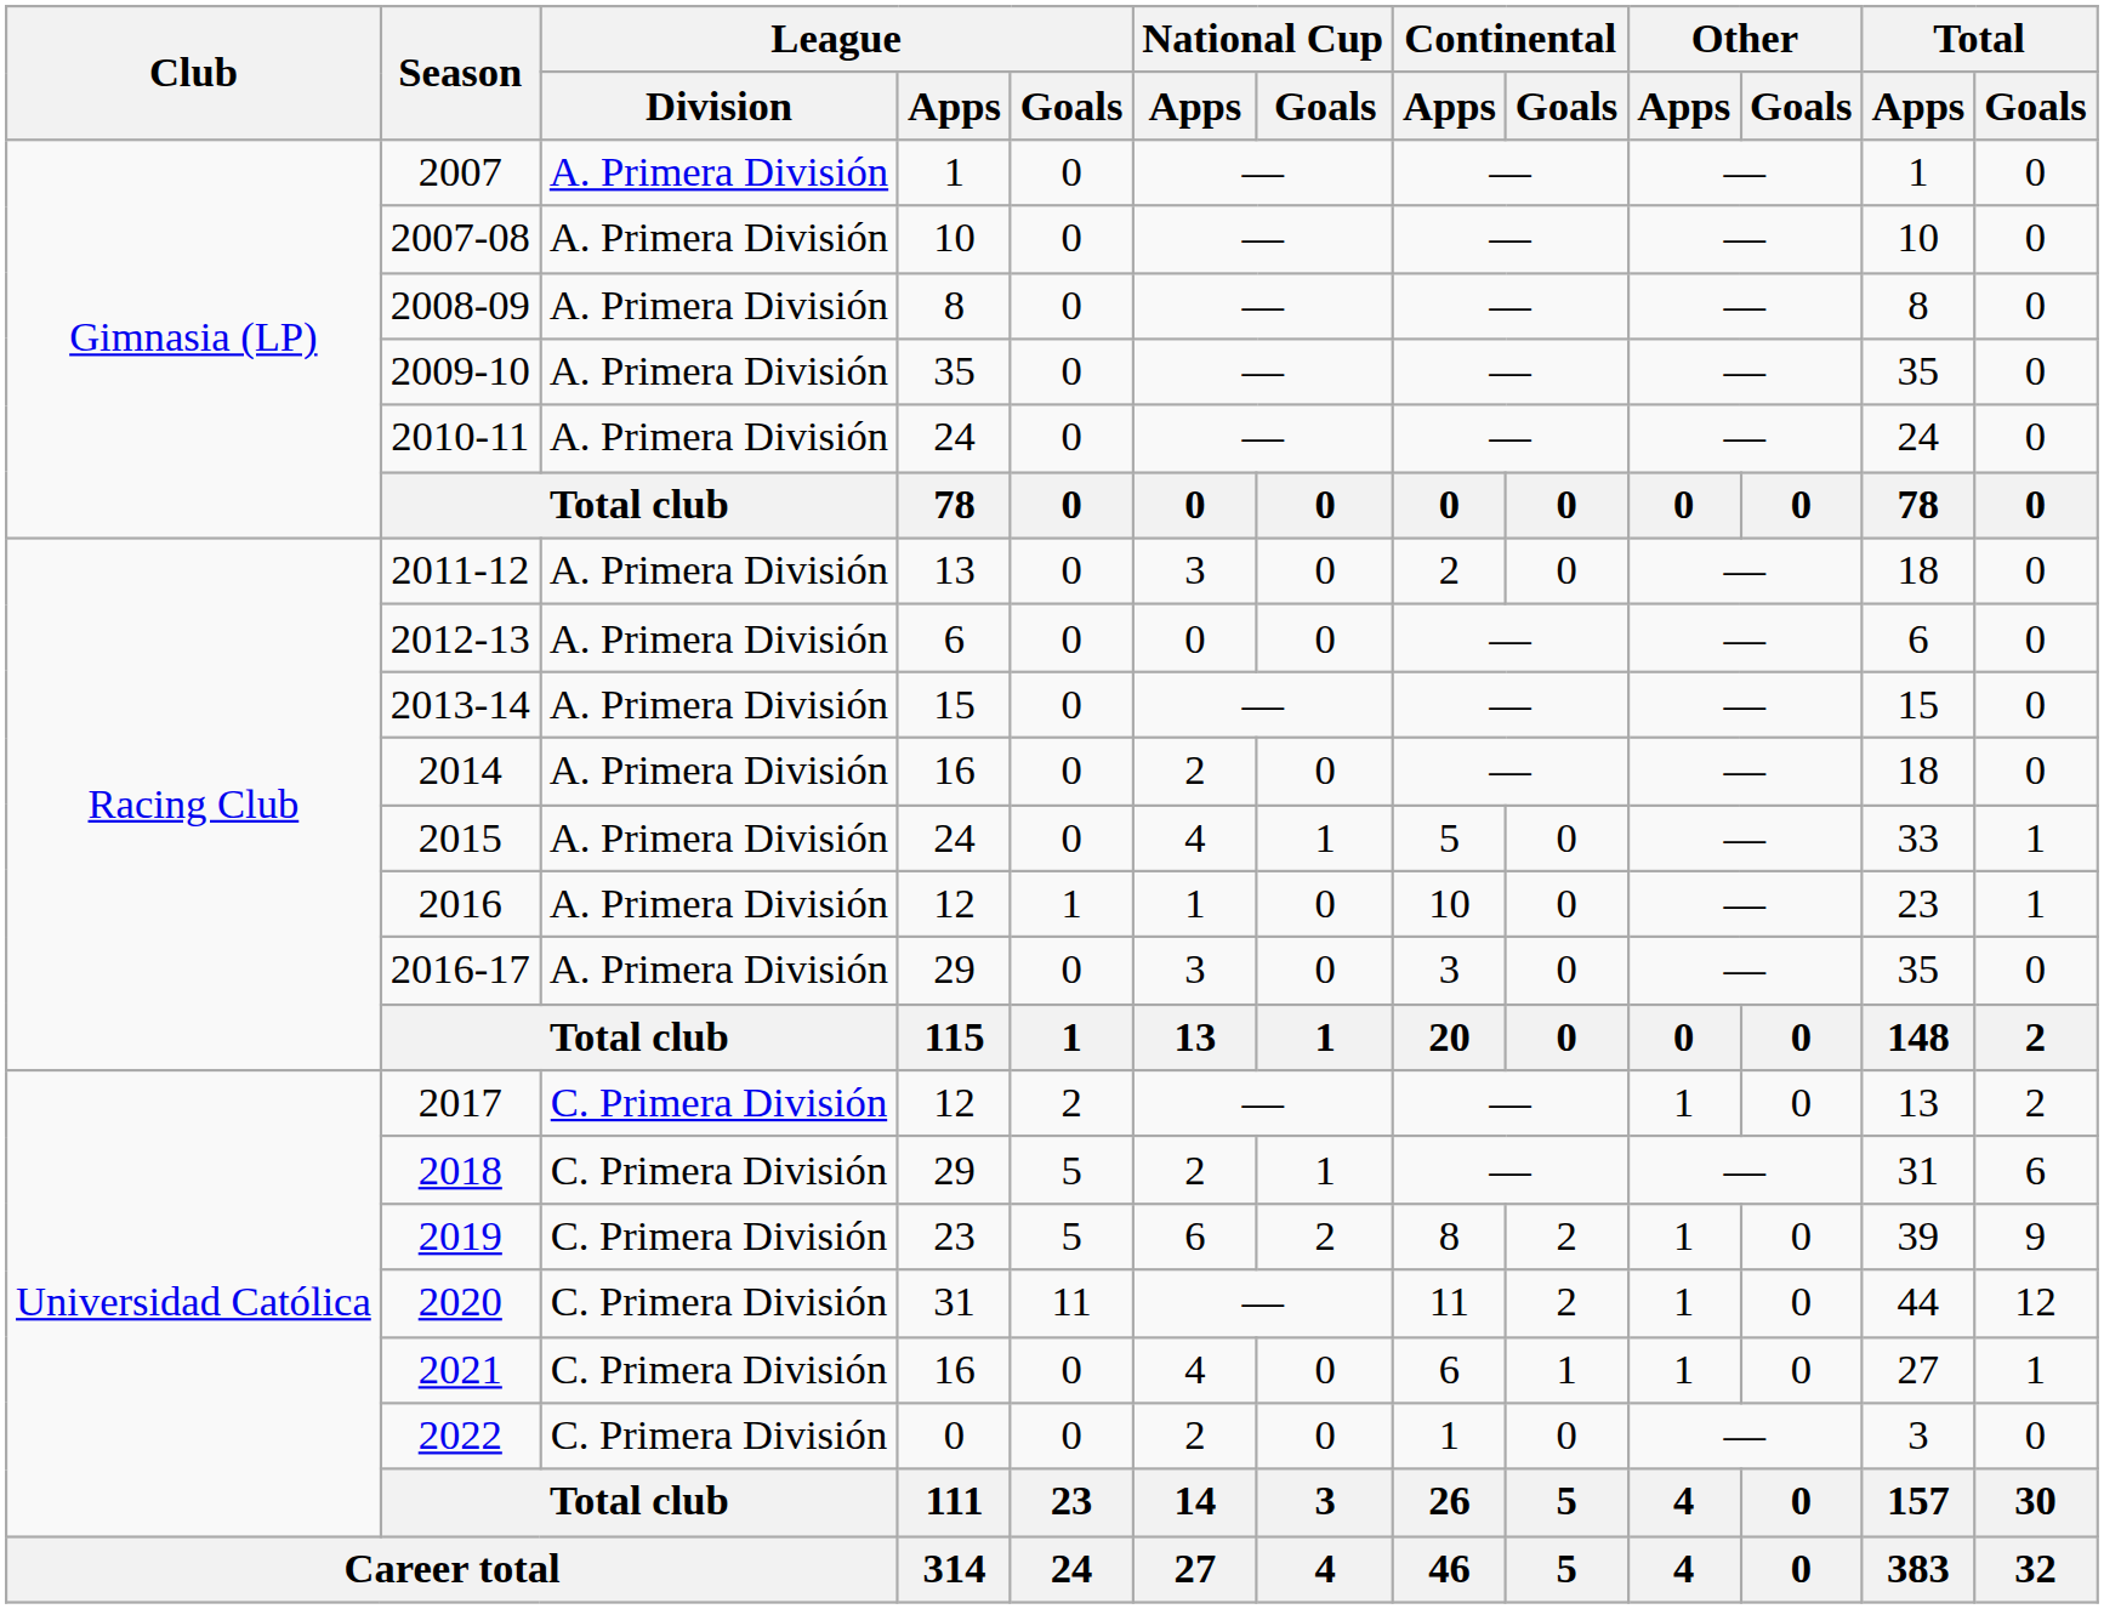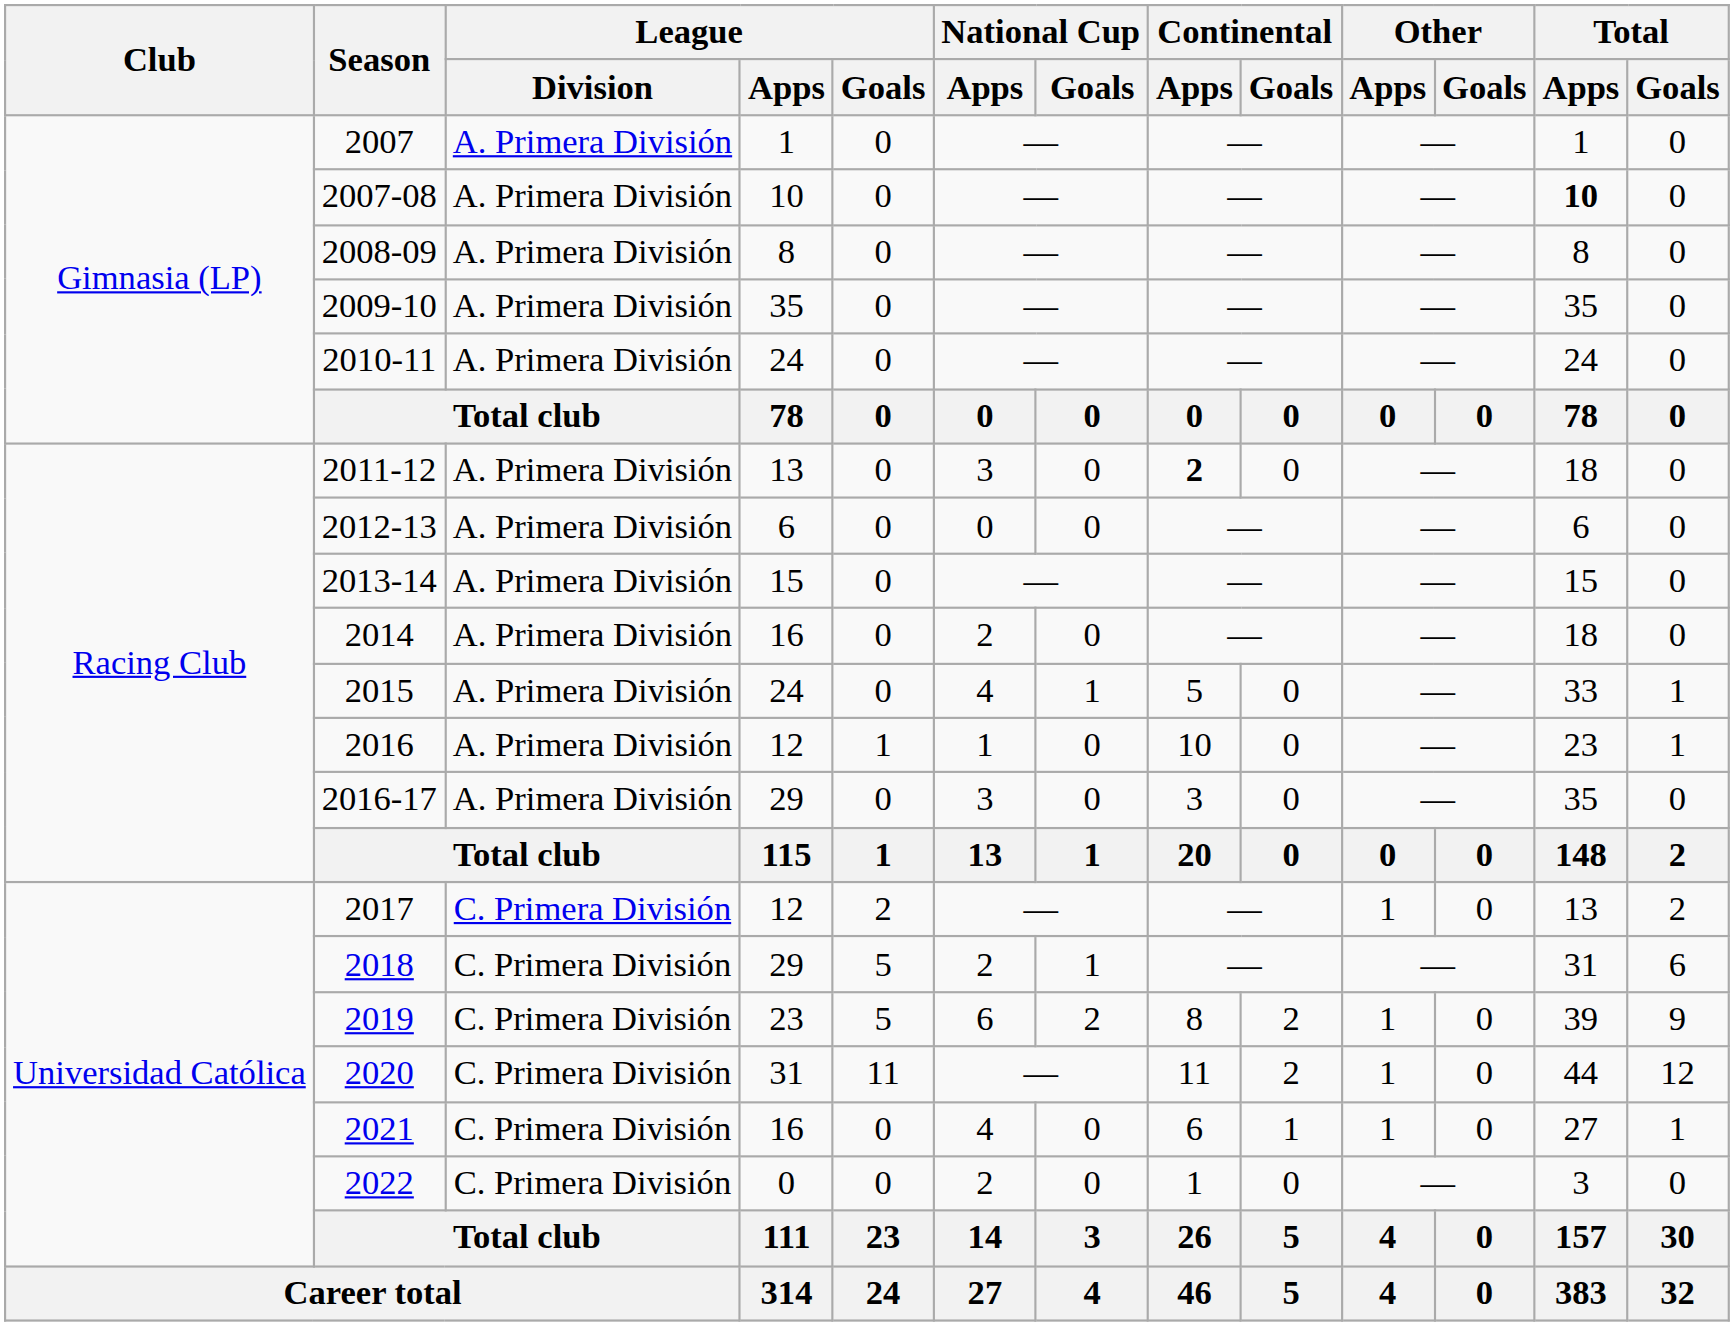 <table class="wikitable" style="text-align: center;">
 <tr>
 <th rowspan="2">Club</th>
 <th rowspan="2">Season</th>
 <th colspan="3">League</th>
 <th colspan="2">National Cup</th>
 <th colspan="2">Continental</th>
 <th colspan="2">Other</th>
 <th colspan="2">Total</th>
 </tr>
 <tr>
 <th>Division</th>
 <th>Apps</th>
 <th>Goals</th>
 <th>Apps</th>
 <th>Goals</th>
 <th>Apps</th>
 <th>Goals</th>
 <th>Apps</th>
 <th>Goals</th>
 <th>Apps</th>
 <th>Goals</th>
 </tr>
 <tr>
 <td valign="center" rowspan="6"><a href='#'>Gimnasia (LP)</a></td>
 <td>2007</td>
 <td><a href='#'>A. Primera División</a></td>
 <td>1</td>
 <td>0</td>
 <td colspan="2">—</td>
 <td colspan="2">—</td>
 <td colspan="2">—</td>
 <td>1</td>
 <td>0</td>
 </tr>
 <tr>
 <td>2007-08</td>
 <td>A. Primera División</td>
 <td>10</td>
 <td>0</td>
 <td colspan="2">—</td>
 <td colspan="2">—</td>
 <td colspan="2">—</td>
-<td>10</td>
+<td><strong>10</strong></td>
 <td>0</td>
 </tr>
 <tr>
 <td>2008-09</td>
 <td>A. Primera División</td>
 <td>8</td>
 <td>0</td>
 <td colspan="2">—</td>
 <td colspan="2">—</td>
 <td colspan="2">—</td>
 <td>8</td>
 <td>0</td>
 </tr>
 <tr>
 <td>2009-10</td>
 <td>A. Primera División</td>
 <td>35</td>
 <td>0</td>
 <td colspan="2">—</td>
 <td colspan="2">—</td>
 <td colspan="2">—</td>
 <td>35</td>
 <td>0</td>
 </tr>
 <tr>
 <td>2010-11</td>
 <td>A. Primera División</td>
 <td>24</td>
 <td>0</td>
 <td colspan="2">—</td>
 <td colspan="2">—</td>
 <td colspan="2">—</td>
 <td>24</td>
 <td>0</td>
 </tr>
 <tr>
 <th colspan="2">Total club</th>
 <th>78</th>
 <th>0</th>
 <th>0</th>
 <th>0</th>
 <th>0</th>
 <th>0</th>
 <th>0</th>
 <th>0</th>
 <th>78</th>
 <th>0</th>
 </tr>
 <tr>
 <td valign="center" rowspan="8"><a href='#'>Racing Club</a></td>
 <td>2011-12</td>
 <td>A. Primera División</td>
 <td>13</td>
 <td>0</td>
 <td>3</td>
 <td>0</td>
-<td>2</td>
+<td><strong>2</strong></td>
 <td>0</td>
 <td colspan="2">—</td>
 <td>18</td>
 <td>0</td>
 </tr>
 <tr>
 <td>2012-13</td>
 <td>A. Primera División</td>
 <td>6</td>
 <td>0</td>
 <td>0</td>
 <td>0</td>
 <td colspan="2">—</td>
 <td colspan="2">—</td>
 <td>6</td>
 <td>0</td>
 </tr>
 <tr>
 <td>2013-14</td>
 <td>A. Primera División</td>
 <td>15</td>
 <td>0</td>
 <td colspan="2">—</td>
 <td colspan="2">—</td>
 <td colspan="2">—</td>
 <td>15</td>
 <td>0</td>
 </tr>
 <tr>
 <td>2014</td>
 <td>A. Primera División</td>
 <td>16</td>
 <td>0</td>
 <td>2</td>
 <td>0</td>
 <td colspan="2">—</td>
 <td colspan="2">—</td>
 <td>18</td>
 <td>0</td>
 </tr>
 <tr>
 <td>2015</td>
 <td>A. Primera División</td>
 <td>24</td>
 <td>0</td>
 <td>4</td>
 <td>1</td>
 <td>5</td>
 <td>0</td>
 <td colspan="2">—</td>
 <td>33</td>
 <td>1</td>
 </tr>
 <tr>
 <td>2016</td>
 <td>A. Primera División</td>
 <td>12</td>
 <td>1</td>
 <td>1</td>
 <td>0</td>
 <td>10</td>
 <td>0</td>
 <td colspan="2">—</td>
 <td>23</td>
 <td>1</td>
 </tr>
 <tr>
 <td>2016-17</td>
 <td>A. Primera División</td>
 <td>29</td>
 <td>0</td>
 <td>3</td>
 <td>0</td>
 <td>3</td>
 <td>0</td>
 <td colspan="2">—</td>
 <td>35</td>
 <td>0</td>
 </tr>
 <tr>
 <th colspan="2">Total club</th>
 <th>115</th>
 <th>1</th>
 <th>13</th>
 <th>1</th>
 <th>20</th>
 <th>0</th>
 <th>0</th>
 <th>0</th>
 <th>148</th>
 <th>2</th>
 </tr>
 <tr>
 <td valign="center" rowspan="7"><a href='#'>Universidad Católica</a></td>
 <td>2017</td>
 <td><a href='#'>C. Primera División</a></td>
 <td>12</td>
 <td>2</td>
 <td colspan="2">—</td>
 <td colspan="2">—</td>
 <td>1</td>
 <td>0</td>
 <td>13</td>
 <td>2</td>
 </tr>
 <tr>
 <td><a href='#'>2018</a></td>
 <td>C. Primera División</td>
 <td>29</td>
 <td>5</td>
 <td>2</td>
 <td>1</td>
 <td colspan="2">—</td>
 <td colspan="2">—</td>
 <td>31</td>
 <td>6</td>
 </tr>
 <tr>
 <td><a href='#'>2019</a></td>
 <td>C. Primera División</td>
 <td>23</td>
 <td>5</td>
 <td>6</td>
 <td>2</td>
 <td>8</td>
 <td>2</td>
 <td>1</td>
 <td>0</td>
 <td>39</td>
 <td>9</td>
 </tr>
 <tr>
 <td><a href='#'>2020</a></td>
 <td>C. Primera División</td>
 <td>31</td>
 <td>11</td>
 <td colspan="2">—</td>
 <td>11</td>
 <td>2</td>
 <td>1</td>
 <td>0</td>
 <td>44</td>
 <td>12</td>
 </tr>
 <tr>
 <td><a href='#'>2021</a></td>
 <td>C. Primera División</td>
 <td>16</td>
 <td>0</td>
 <td>4</td>
 <td>0</td>
 <td>6</td>
 <td>1</td>
 <td>1</td>
 <td>0</td>
 <td>27</td>
 <td>1</td>
 </tr>
 <tr>
 <td><a href='#'>2022</a></td>
 <td>C. Primera División</td>
 <td>0</td>
 <td>0</td>
 <td>2</td>
 <td>0</td>
 <td>1</td>
 <td>0</td>
 <td colspan="2">—</td>
 <td>3</td>
 <td>0</td>
 </tr>
 <tr>
 <th colspan="2">Total club</th>
 <th>111</th>
 <th>23</th>
 <th>14</th>
 <th>3</th>
 <th>26</th>
 <th>5</th>
 <th>4</th>
 <th>0</th>
 <th>157</th>
 <th>30</th>
 </tr>
 <tr>
 <th colspan="3">Career total</th>
 <th>314</th>
 <th>24</th>
 <th>27</th>
 <th>4</th>
 <th>46</th>
 <th>5</th>
 <th>4</th>
 <th>0</th>
 <th>383</th>
 <th>32</th>
 </tr>
 </table>
